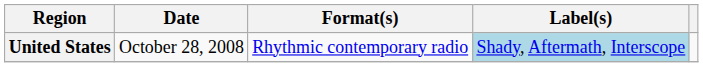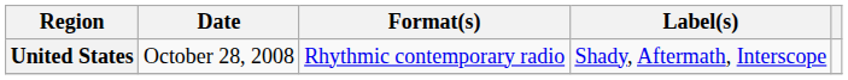 <table class="wikitable plainrowheaders">
 <tr>
 <th scope="col">Region</th>
 <th scope="col">Date</th>
 <th scope="col">Format(s)</th>
 <th scope="col">Label(s)</th>
 <th scope="col"></th>
 </tr>
 <tr>
 <th scope="row">United States</th>
 <td>October 28, 2008</td>
 <td><a href='#'>Rhythmic contemporary radio</a></td>
-<td style="background: lightblue;"><a href='#'>Shady</a>, <a href='#'>Aftermath</a>, <a href='#'>Interscope</a></td>
+<td><a href='#'>Shady</a>, <a href='#'>Aftermath</a>, <a href='#'>Interscope</a></td>
 <td align="center"></td>
 </tr>
 <tr>
 </tr>
 </table>
